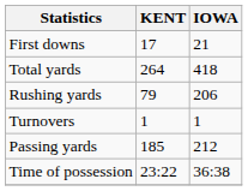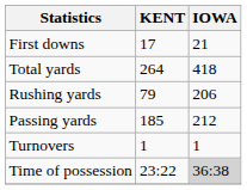 <table class="wikitable">
 <tr>
 <th>Statistics</th>
 <th>KENT</th>
 <th>IOWA</th>
 </tr>
 <tr>
 <td>First downs</td>
 <td>17</td>
 <td>21</td>
 </tr>
 <tr>
 <td>Total yards</td>
 <td>264</td>
 <td>418</td>
 </tr>
 <tr>
 <td>Rushing yards</td>
 <td>79</td>
 <td>206</td>
 </tr>
 <tr>
+<td>Passing yards</td>
+<td>185</td>
+<td>212</td>
+</tr>
+<tr>
 <td>Turnovers</td>
 <td>1</td>
 <td>1</td>
 </tr>
 <tr>
-<td>Passing yards</td>
-<td>185</td>
-<td>212</td>
-</tr>
-<tr>
 <td>Time of possession</td>
 <td>23:22</td>
-<td>36:38</td>
+<td style="background: lightgrey;">36:38</td>
 </tr>
 <tr>
 </tr>
 </table>
